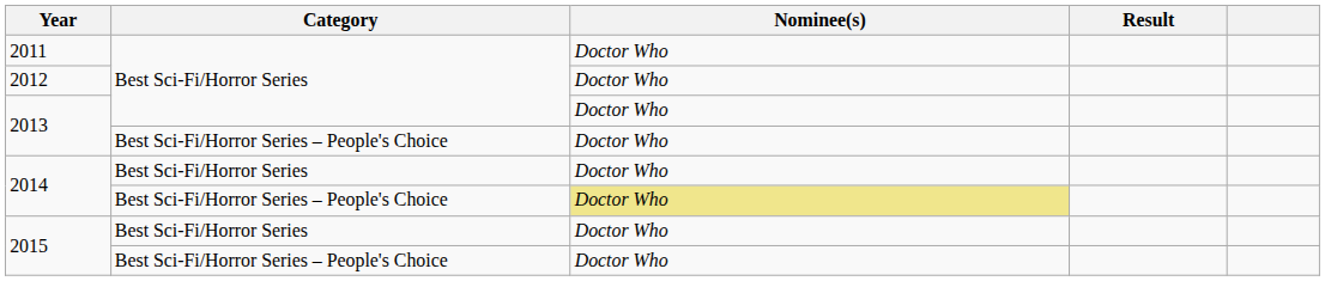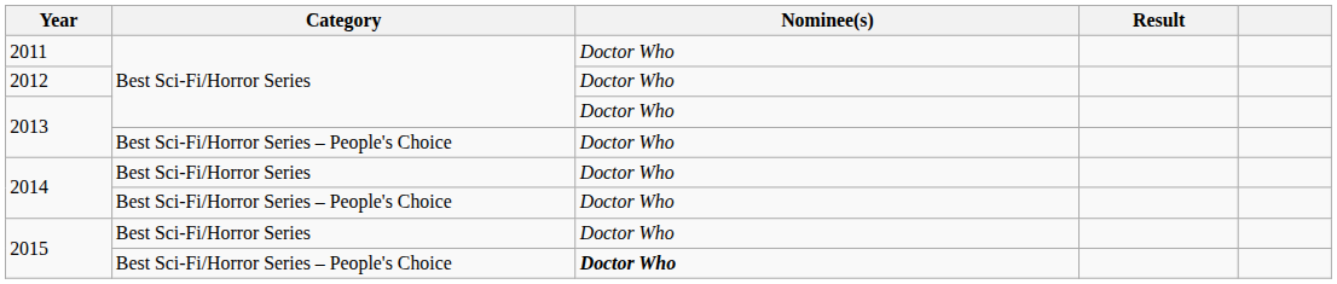 <table class="wikitable" style="width:70%">
 <tr>
 <th style="width:8%">Year</th>
 <th style="width:35%">Category</th>
 <th style="width:38%">Nominee(s)</th>
 <th style="width:12%">Result</th>
 <th style="width:7%"></th>
 </tr>
 <tr>
 <td>2011</td>
 <td rowspan="3">Best Sci-Fi/Horror Series</td>
 <td><em>Doctor Who</em></td>
 <td></td>
 <td></td>
 </tr>
 <tr>
 <td>2012</td>
 <td><em>Doctor Who</em></td>
 <td></td>
 <td></td>
 </tr>
 <tr>
 <td rowspan="2">2013</td>
 <td><em>Doctor Who</em></td>
 <td></td>
 <td></td>
 </tr>
 <tr>
 <td>Best Sci-Fi/Horror Series – People's Choice</td>
 <td><em>Doctor Who</em></td>
 <td></td>
 <td></td>
 </tr>
 <tr>
 <td rowspan="2">2014</td>
 <td>Best Sci-Fi/Horror Series</td>
 <td><em>Doctor Who</em></td>
 <td></td>
 <td></td>
 </tr>
 <tr>
 <td>Best Sci-Fi/Horror Series – People's Choice</td>
-<td style="background: khaki;"><em>Doctor Who</em></td>
+<td><em>Doctor Who</em></td>
 <td></td>
 <td></td>
 </tr>
 <tr>
 <td rowspan="2">2015</td>
 <td>Best Sci-Fi/Horror Series</td>
 <td><em>Doctor Who</em></td>
 <td></td>
 <td></td>
 </tr>
 <tr>
 <td>Best Sci-Fi/Horror Series – People's Choice</td>
-<td><em>Doctor Who</em></td>
+<td><strong><em>Doctor Who</em></strong></td>
 <td></td>
 <td></td>
 </tr>
 </table>
